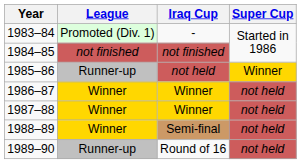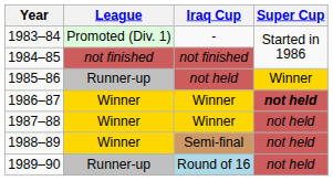 <table class="wikitable collapsible collapsed" style="text-align: center;">
 <tr>
 <th>Year</th>
 <th><a href='#'>League</a></th>
 <th><a href='#'>Iraq Cup</a></th>
 <th><a href='#'>Super Cup</a></th>
 </tr>
 <tr>
 <td>1983–84</td>
 <td bgcolor="#dfd">Promoted (Div. 1)</td>
 <td>-</td>
 <td rowspan=2>Started in<br>1986</td>
 </tr>
 <tr>
 <td>1984–85</td>
 <td bgcolor="#cd5c5c"><em>not finished</em></td>
 <td bgcolor="#cd5c5c"><em>not finished</em></td>
 </tr>
 <tr>
 <td>1985–86</td>
 <td bgcolor=silver>Runner-up</td>
 <td bgcolor="#cd5c5c"><em>not held</em></td>
 <td bgcolor=gold>Winner</td>
 </tr>
 <tr>
 <td>1986–87</td>
 <td bgcolor=gold>Winner</td>
 <td bgcolor=gold>Winner</td>
-<td bgcolor="#cd5c5c"><em>not held</em></td>
+<td bgcolor="#cd5c5c"><strong><em>not held</em></strong></td>
 </tr>
 <tr>
 <td>1987–88</td>
 <td bgcolor=gold>Winner</td>
 <td bgcolor=gold>Winner</td>
 <td bgcolor="#cd5c5c"><em>not held</em></td>
 </tr>
 <tr>
 <td>1988–89</td>
 <td bgcolor=gold>Winner</td>
 <td bgcolor="#cc9966">Semi-final</td>
 <td bgcolor="#cd5c5c"><em>not held</em></td>
 </tr>
 <tr>
 <td>1989–90</td>
 <td bgcolor=silver>Runner-up</td>
-<td>Round of 16</td>
+<td style="background: lightblue;">Round of 16</td>
 <td bgcolor="#cd5c5c"><em>not held</em></td>
 </tr>
 </table>
